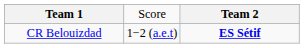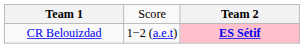 <table class="wikitable" style="text-align:center">
 <tr>
 <th style="width:150px;">Team 1</th>
 <td>Score</td>
 <th style="width:150px;">Team 2</th>
 </tr>
 <tr>
 <td><a href='#'>CR Belouizdad</a></td>
 <td>1−2 (<a href='#'>a.e.t</a>)</td>
-<td><strong><a href='#'>ES Sétif</a></strong></td>
+<td style="background: pink;"><strong><a href='#'>ES Sétif</a></strong></td>
 </tr>
 </table>
